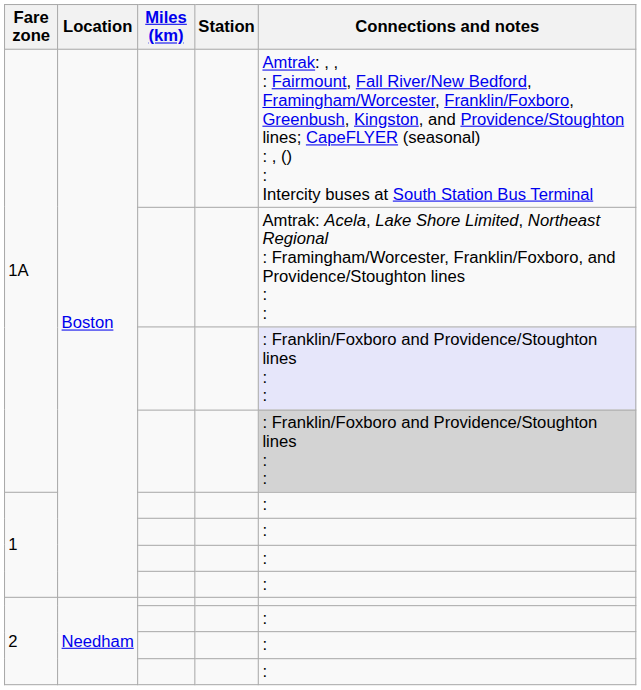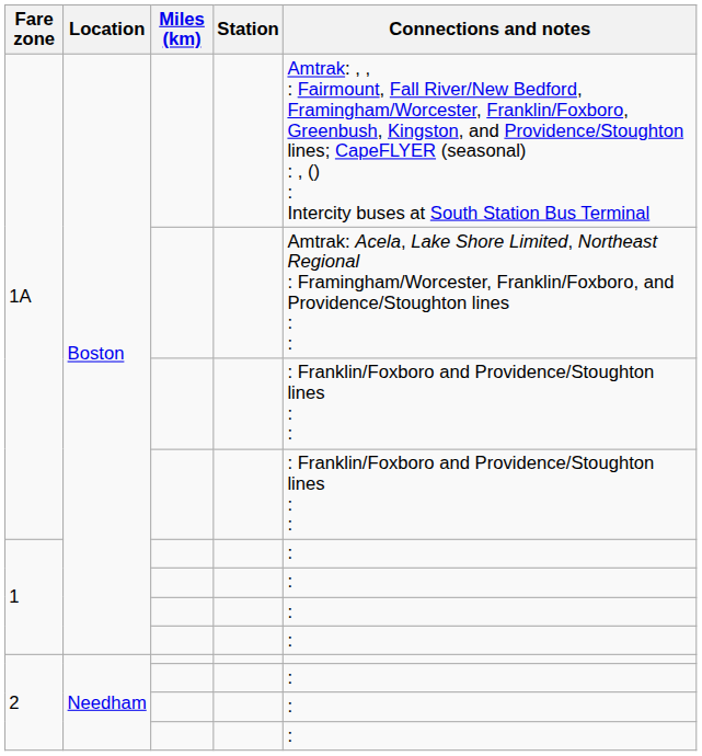 <table class="wikitable">
 <tr>
 <th>Fare zone</th>
 <th>Location</th>
 <th><a href='#'>Miles (km)</a></th>
 <th>Station</th>
 <th>Connections and notes</th>
 </tr>
 <tr>
 <td rowspan="4">1A</td>
 <td rowspan="8"><a href='#'>Boston</a></td>
 <td></td>
 <td> </td>
 <td> <a href='#'>Amtrak</a>: , , <br>: <a href='#'>Fairmount</a>, <a href='#'>Fall River/New Bedford</a>, <a href='#'>Framingham/Worcester</a>, <a href='#'>Franklin/Foxboro</a>, <a href='#'>Greenbush</a>, <a href='#'>Kingston</a>, and <a href='#'>Providence/Stoughton</a> lines; <a href='#'>CapeFLYER</a> (seasonal)<br>: ,  ()<br>: <br> Intercity buses at <a href='#'>South Station Bus Terminal</a></td>
 </tr>
 <tr>
 <td></td>
 <td> </td>
 <td> Amtrak: <em>Acela</em>, <em>Lake Shore Limited</em>, <em>Northeast Regional</em><br>: Framingham/Worcester, Franklin/Foxboro, and Providence/Stoughton lines<br>: <br>: </td>
 </tr>
 <tr>
 <td></td>
 <td> </td>
-<td style="background: lavender;">: Franklin/Foxboro and Providence/Stoughton lines<br>: <br>: </td>
+<td>: Franklin/Foxboro and Providence/Stoughton lines<br>: <br>: </td>
 </tr>
 <tr>
 <td></td>
 <td> </td>
-<td style="background: lightgrey;">: Franklin/Foxboro and Providence/Stoughton lines<br>: <br>: </td>
+<td>: Franklin/Foxboro and Providence/Stoughton lines<br>: <br>: </td>
 </tr>
 <tr>
 <td rowspan="4">1</td>
 <td></td>
 <td> </td>
 <td>: </td>
 </tr>
 <tr>
 <td></td>
 <td> </td>
 <td>: </td>
 </tr>
 <tr>
 <td></td>
 <td> </td>
 <td>: </td>
 </tr>
 <tr>
 <td></td>
 <td> </td>
 <td>: </td>
 </tr>
 <tr>
 <td rowspan="4">2</td>
 <td rowspan="4"><a href='#'>Needham</a></td>
 <td></td>
 <td> </td>
 <td></td>
 </tr>
 <tr>
 <td></td>
 <td> </td>
 <td>: </td>
 </tr>
 <tr>
 <td></td>
 <td> </td>
 <td>: </td>
 </tr>
 <tr>
 <td></td>
 <td> </td>
 <td>: </td>
 </tr>
 </table>
